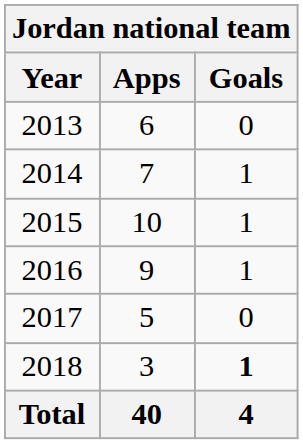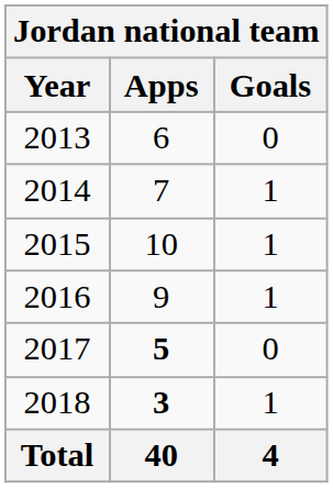 <table class="wikitable" style="text-align:center">
 <tr>
 <th colspan=3>Jordan national team</th>
 </tr>
 <tr>
 <th>Year</th>
 <th>Apps</th>
 <th>Goals</th>
 </tr>
 <tr>
 <td>2013</td>
 <td>6</td>
 <td>0</td>
 </tr>
 <tr>
 <td>2014</td>
 <td>7</td>
 <td>1</td>
 </tr>
 <tr>
 <td>2015</td>
 <td>10</td>
 <td>1</td>
 </tr>
 <tr>
 <td>2016</td>
 <td>9</td>
 <td>1</td>
 </tr>
 <tr>
 <td>2017</td>
-<td>5</td>
+<td><strong>5</strong></td>
 <td>0</td>
 </tr>
 <tr>
 <td>2018</td>
-<td>3</td>
-<td><strong>1</strong></td>
+<td><strong>3</strong></td>
+<td>1</td>
 </tr>
 <tr>
 <th>Total</th>
 <th>40</th>
 <th>4</th>
 </tr>
 </table>
